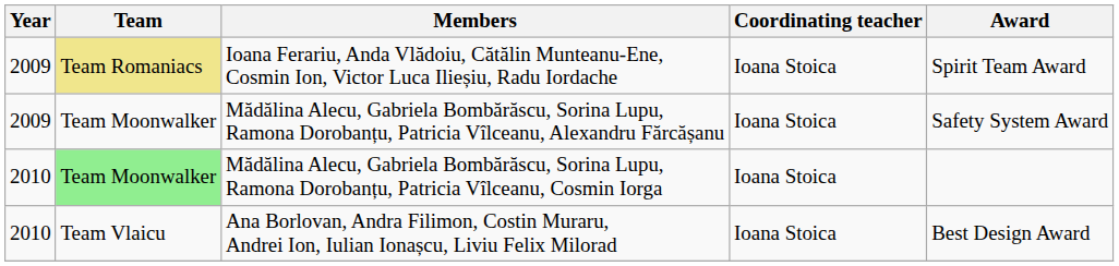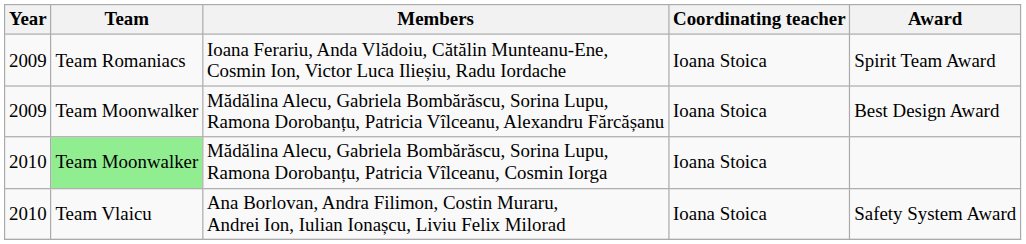 <table class="wikitable">
 <tr>
 <th>Year</th>
 <th>Team</th>
 <th>Members</th>
 <th>Coordinating teacher</th>
 <th>Award</th>
 </tr>
 <tr>
 <td>2009</td>
-<td style="background: khaki;">Team Romaniacs</td>
+<td>Team Romaniacs</td>
 <td>Ioana Ferariu, Anda Vlădoiu, Cătălin Munteanu-Ene,<br>Cosmin Ion, Victor Luca Ilieșiu, Radu Iordache</td>
 <td>Ioana Stoica</td>
 <td>Spirit Team Award</td>
 </tr>
 <tr>
 <td>2009</td>
 <td>Team Moonwalker</td>
 <td>Mădălina Alecu, Gabriela Bombărăscu, Sorina Lupu,<br>Ramona Dorobanțu, Patricia Vîlceanu, Alexandru Fărcășanu</td>
 <td>Ioana Stoica</td>
-<td>Safety System Award</td>
+<td>Best Design Award</td>
 </tr>
 <tr>
 <td>2010</td>
 <td style="background: lightgreen;">Team Moonwalker</td>
 <td>Mădălina Alecu, Gabriela Bombărăscu, Sorina Lupu,<br>Ramona Dorobanțu, Patricia Vîlceanu, Cosmin Iorga</td>
 <td>Ioana Stoica</td>
 <td></td>
 </tr>
 <tr>
 <td>2010</td>
 <td>Team Vlaicu</td>
 <td>Ana Borlovan, Andra Filimon, Costin Muraru,<br>Andrei Ion, Iulian Ionașcu, Liviu Felix Milorad</td>
 <td>Ioana Stoica</td>
-<td>Best Design Award</td>
+<td>Safety System Award</td>
 </tr>
 <tr>
 </tr>
 </table>
